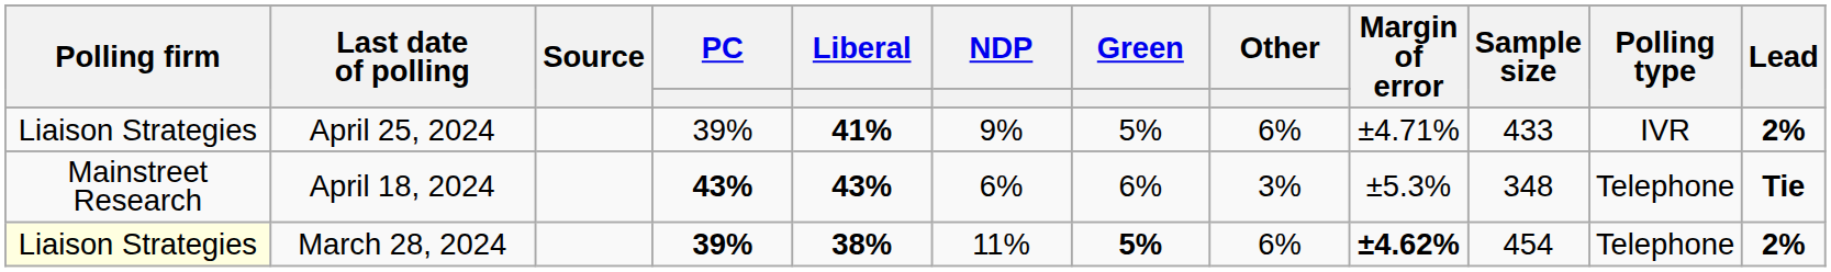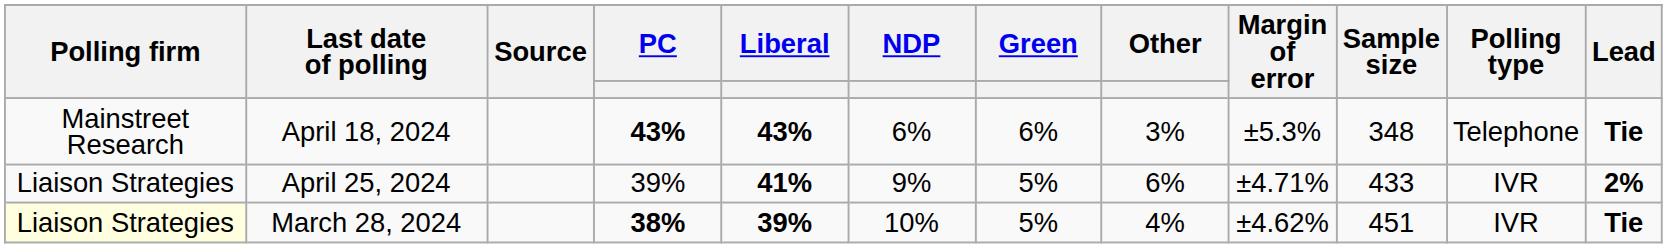 <table class="wikitable sortable mw-datatable" style="text-align:center; font-size:90%; line-height:14px">
 <tr>
 </tr>
 <tr style="height:40px;">
 <th style="width:120px" rowspan="2">Polling firm</th>
 <th style="width:120px" rowspan="2">Last date<br>of polling</th>
 <th style="width:50px;" rowspan="2">Source</th>
 <th style="width:60px;"><a href='#'>PC</a></th>
 <th style="width:60px;"><a href='#'>Liberal</a></th>
 <th style="width:60px;"><a href='#'>NDP</a></th>
 <th style="width:60px;"><a href='#'>Green</a></th>
 <th style="width:60px;">Other</th>
 <th rowspan="2" style="width:50px;">Margin of error</th>
 <th rowspan="2" style="width:50px;">Sample size</th>
 <th rowspan="2" style="width:50px;">Polling type</th>
 <th rowspan="2" style="width:25px;" data-sort-type="number">Lead</th>
 </tr>
 <tr class="sorttop">
 <th style="background:"></th>
 <th style="background:"></th>
 <th style="background:"></th>
 <th style="background:"></th>
 <th style="background:"></th>
 </tr>
 <tr>
+<td>Mainstreet Research</td>
+<td>April 18, 2024</td>
+<td></td>
+<td><strong>43%</strong></td>
+<td><strong>43%</strong></td>
+<td>6%</td>
+<td>6%</td>
+<td>3%</td>
+<td>±5.3%</td>
+<td>348</td>
+<td>Telephone</td>
+<td><strong>Tie</strong></td>
+</tr>
+<tr>
 <td>Liaison Strategies</td>
 <td>April 25, 2024</td>
 <td></td>
 <td>39%</td>
 <td><strong>41%</strong></td>
 <td>9%</td>
 <td>5%</td>
 <td>6%</td>
 <td>±4.71%</td>
 <td>433</td>
 <td>IVR</td>
 <td><strong>2%</strong></td>
 </tr>
 <tr>
-<td>Mainstreet Research</td>
-<td>April 18, 2024</td>
-<td></td>
-<td><strong>43%</strong></td>
-<td><strong>43%</strong></td>
-<td>6%</td>
-<td>6%</td>
-<td>3%</td>
-<td>±5.3%</td>
-<td>348</td>
-<td>Telephone</td>
-<td><strong>Tie</strong></td>
-</tr>
-<tr>
 <td style="background: lightyellow;">Liaison Strategies</td>
 <td>March 28, 2024</td>
 <td></td>
+<td><strong>38%</strong></td>
 <td><strong>39%</strong></td>
-<td><strong>38%</strong></td>
-<td>11%</td>
-<td><strong>5%</strong></td>
-<td>6%</td>
-<td><strong>±4.62%</strong></td>
-<td>454</td>
-<td>Telephone</td>
-<td><strong>2%</strong></td>
+<td>10%</td>
+<td>5%</td>
+<td>4%</td>
+<td>±4.62%</td>
+<td>451</td>
+<td>IVR</td>
+<td><strong>Tie</strong></td>
 </tr>
 </table>
